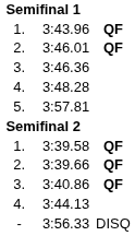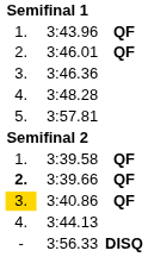 <table style="text-align:center">
 <tr>
 <td colspan=4 align=left><strong>Semifinal 1</strong></td>
 </tr>
 <tr>
 <td width=30>1.</td>
 <td align=left></td>
 <td width=60>3:43.96</td>
 <td><strong>QF</strong></td>
 </tr>
 <tr>
 <td>2.</td>
 <td align=left></td>
 <td>3:46.01</td>
 <td><strong>QF</strong></td>
 </tr>
 <tr>
 <td>3.</td>
 <td align=left></td>
 <td>3:46.36</td>
 <td></td>
 </tr>
 <tr>
 <td>4.</td>
 <td align=left></td>
 <td>3:48.28</td>
 <td></td>
 </tr>
 <tr>
 <td>5.</td>
 <td align=left></td>
 <td>3:57.81</td>
 <td></td>
 </tr>
 <tr>
 <td colspan=4 align=left><strong>Semifinal 2</strong></td>
 </tr>
 <tr>
 <td>1.</td>
 <td align=left></td>
 <td width=60>3:39.58</td>
 <td><strong>QF</strong></td>
 </tr>
 <tr>
-<td>2.</td>
+<td><strong>2.</strong></td>
 <td align=left></td>
 <td>3:39.66</td>
 <td><strong>QF</strong></td>
 </tr>
 <tr>
-<td>3.</td>
+<td style="background: gold;">3.</td>
 <td align=left></td>
 <td>3:40.86</td>
 <td><strong>QF</strong></td>
 </tr>
 <tr>
 <td>4.</td>
 <td align=left></td>
 <td>3:44.13</td>
 <td></td>
 </tr>
 <tr>
 <td>-</td>
 <td align=left></td>
 <td>3:56.33</td>
-<td>DISQ</td>
+<td><strong>DISQ</strong></td>
 </tr>
 </table>
